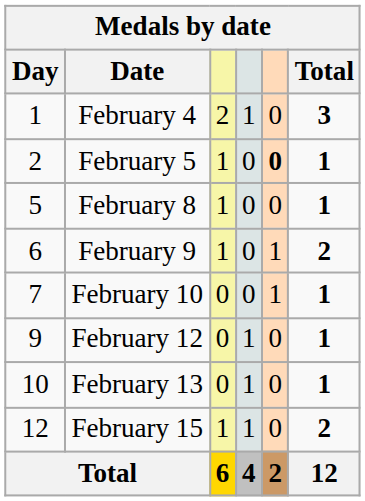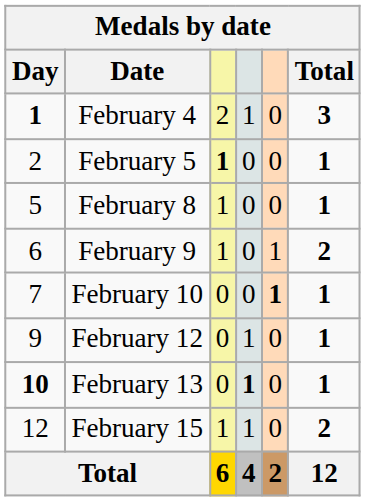 <table class=wikitable style=font-size:85%;float:right;text-align:center>
 <tr>
 <th colspan=6>Medals by date</th>
 </tr>
 <tr>
 <th>Day</th>
 <th>Date</th>
 <td bgcolor=F7F6A8></td>
 <td bgcolor=DCE5E5></td>
 <td bgcolor=FFDAB9></td>
 <th>Total</th>
 </tr>
 <tr>
-<td>1</td>
+<td><strong>1</strong></td>
 <td>February 4</td>
 <td bgcolor=F7F6A8>2</td>
 <td bgcolor=DCE5E5>1</td>
 <td bgcolor=FFDAB9>0</td>
 <td><strong>3</strong></td>
 </tr>
 <tr>
 <td>2</td>
 <td>February 5</td>
-<td bgcolor=F7F6A8>1</td>
+<td bgcolor=F7F6A8><strong>1</strong></td>
 <td bgcolor=DCE5E5>0</td>
-<td bgcolor=FFDAB9><strong>0</strong></td>
+<td bgcolor=FFDAB9>0</td>
 <td><strong>1</strong></td>
 </tr>
 <tr>
 <td>5</td>
 <td>February 8</td>
 <td bgcolor=F7F6A8>1</td>
 <td bgcolor=DCE5E5>0</td>
 <td bgcolor=FFDAB9>0</td>
 <td><strong>1</strong></td>
 </tr>
 <tr>
 <td>6</td>
 <td>February 9</td>
 <td bgcolor=F7F6A8>1</td>
 <td bgcolor=DCE5E5>0</td>
 <td bgcolor=FFDAB9>1</td>
 <td><strong>2</strong></td>
 </tr>
 <tr>
 <td>7</td>
 <td>February 10</td>
 <td bgcolor=F7F6A8>0</td>
 <td bgcolor=DCE5E5>0</td>
-<td bgcolor=FFDAB9>1</td>
+<td bgcolor=FFDAB9><strong>1</strong></td>
 <td><strong>1</strong></td>
 </tr>
 <tr>
 <td>9</td>
 <td>February 12</td>
 <td bgcolor=F7F6A8>0</td>
 <td bgcolor=DCE5E5>1</td>
 <td bgcolor=FFDAB9>0</td>
 <td><strong>1</strong></td>
 </tr>
 <tr>
-<td>10</td>
+<td><strong>10</strong></td>
 <td>February 13</td>
 <td bgcolor=F7F6A8>0</td>
-<td bgcolor=DCE5E5>1</td>
+<td bgcolor=DCE5E5><strong>1</strong></td>
 <td bgcolor=FFDAB9>0</td>
 <td><strong>1</strong></td>
 </tr>
 <tr>
 <td>12</td>
 <td>February 15</td>
 <td bgcolor=F7F6A8>1</td>
 <td bgcolor=DCE5E5>1</td>
 <td bgcolor=FFDAB9>0</td>
 <td><strong>2</strong></td>
 </tr>
 <tr>
 <th colspan=2>Total</th>
 <th style=background:gold>6</th>
 <th style=background:silver>4</th>
 <th style=background:#c96>2</th>
 <th>12</th>
 </tr>
 </table>
